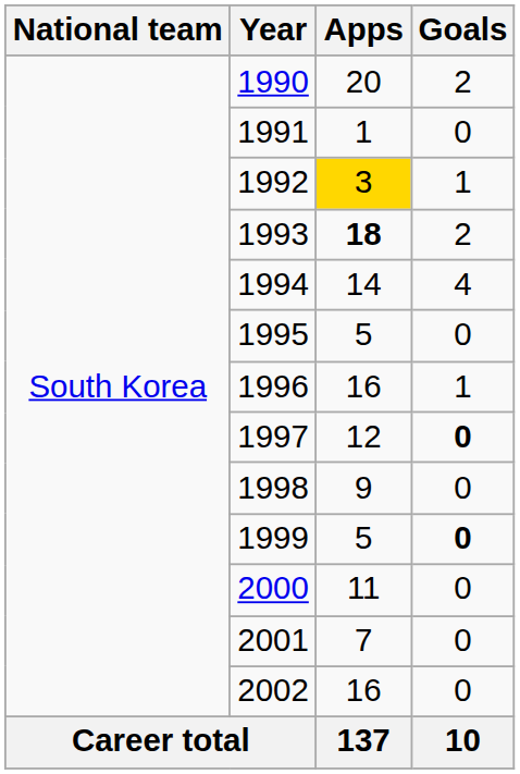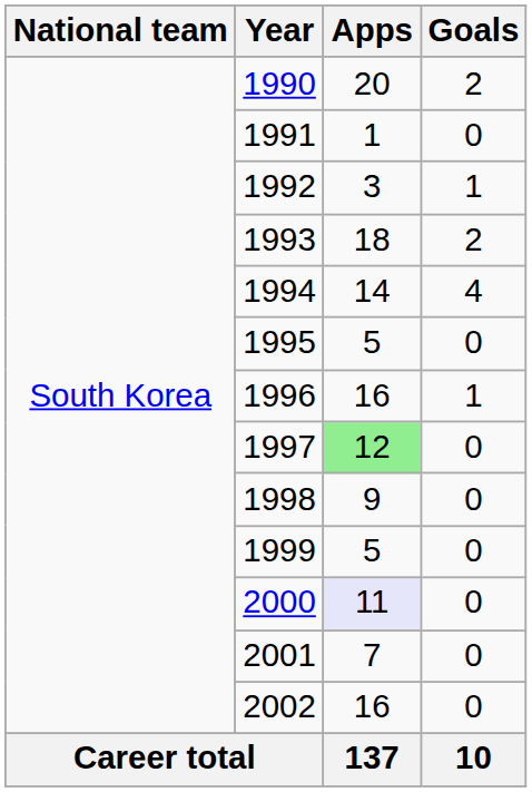 <table class="wikitable" style="text-align:center">
 <tr>
 <th>National team</th>
 <th>Year</th>
 <th>Apps</th>
 <th>Goals</th>
 </tr>
 <tr>
 <td rowspan="13"><a href='#'>South Korea</a></td>
 <td><a href='#'>1990</a></td>
 <td>20</td>
 <td>2</td>
 </tr>
 <tr>
 <td>1991</td>
 <td>1</td>
 <td>0</td>
 </tr>
 <tr>
 <td>1992</td>
-<td style="background: gold;">3</td>
+<td>3</td>
 <td>1</td>
 </tr>
 <tr>
 <td>1993</td>
-<td><strong>18</strong></td>
+<td>18</td>
 <td>2</td>
 </tr>
 <tr>
 <td>1994</td>
 <td>14</td>
 <td>4</td>
 </tr>
 <tr>
 <td>1995</td>
 <td>5</td>
 <td>0</td>
 </tr>
 <tr>
 <td>1996</td>
 <td>16</td>
 <td>1</td>
 </tr>
 <tr>
 <td>1997</td>
-<td>12</td>
-<td><strong>0</strong></td>
+<td style="background: lightgreen;">12</td>
+<td>0</td>
 </tr>
 <tr>
 <td>1998</td>
 <td>9</td>
 <td>0</td>
 </tr>
 <tr>
 <td>1999</td>
 <td>5</td>
-<td><strong>0</strong></td>
+<td>0</td>
 </tr>
 <tr>
 <td><a href='#'>2000</a></td>
-<td>11</td>
+<td style="background: lavender;">11</td>
 <td>0</td>
 </tr>
 <tr>
 <td>2001</td>
 <td>7</td>
 <td>0</td>
 </tr>
 <tr>
 <td>2002</td>
 <td>16</td>
 <td>0</td>
 </tr>
 <tr>
 <th colspan="2">Career total</th>
 <th>137</th>
 <th>10</th>
 </tr>
 </table>
